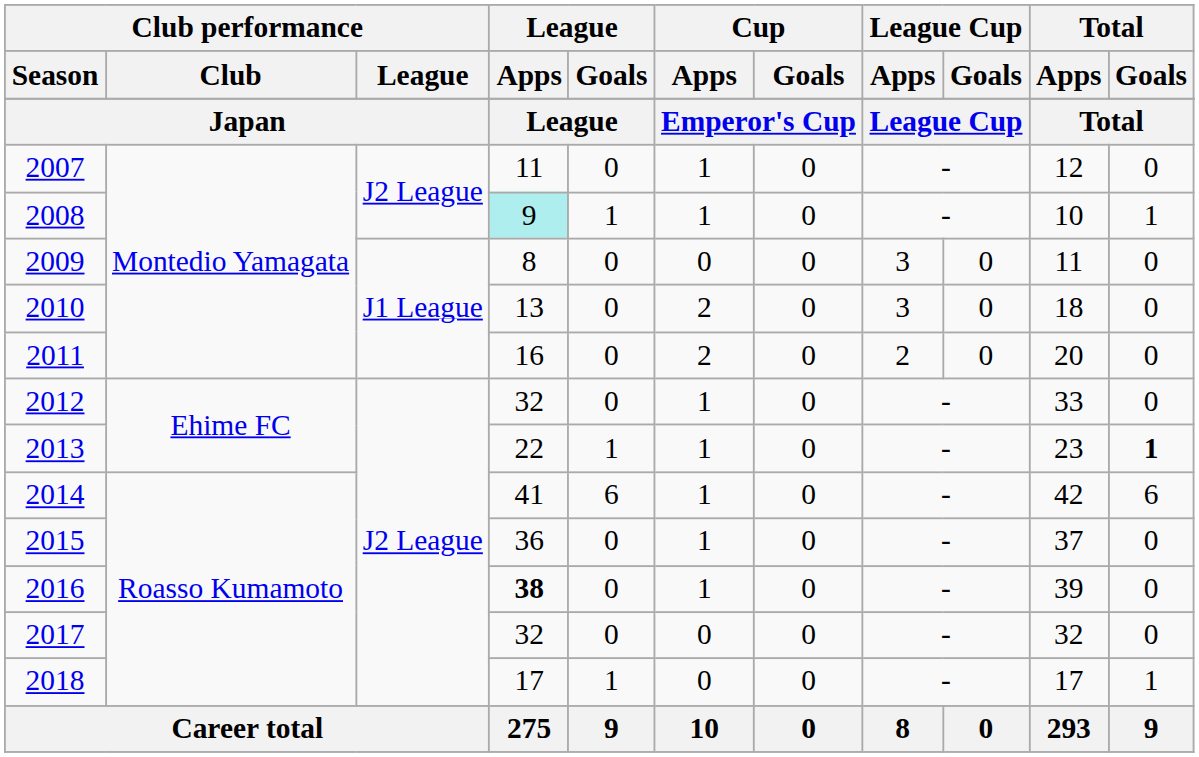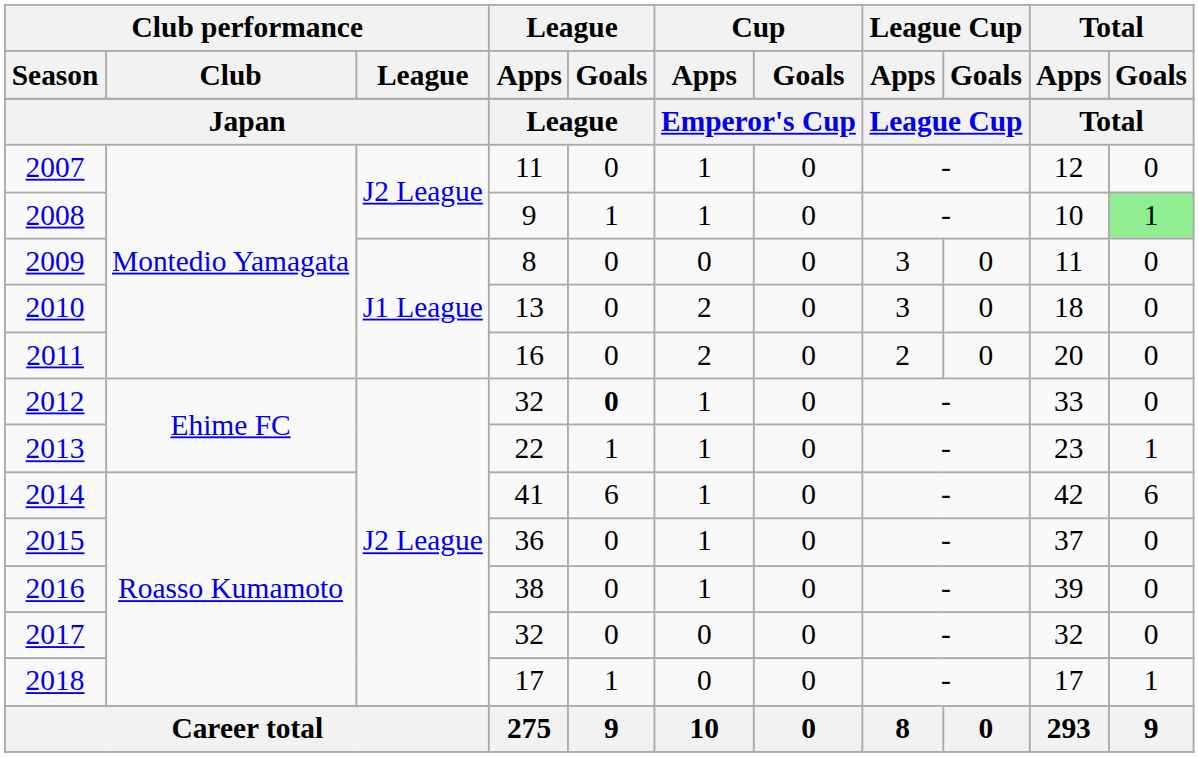 <table class="wikitable" style="text-align:center">
 <tr>
 <th colspan=3>Club performance</th>
 <th colspan=2>League</th>
 <th colspan=2>Cup</th>
 <th colspan=2>League Cup</th>
 <th colspan=2>Total</th>
 </tr>
 <tr>
 <th>Season</th>
 <th>Club</th>
 <th>League</th>
 <th>Apps</th>
 <th>Goals</th>
 <th>Apps</th>
 <th>Goals</th>
 <th>Apps</th>
 <th>Goals</th>
 <th>Apps</th>
 <th>Goals</th>
 </tr>
 <tr>
 </tr>
 <tr>
 <th colspan=3>Japan</th>
 <th colspan=2>League</th>
 <th colspan=2><a href='#'>Emperor's Cup</a></th>
 <th colspan=2><a href='#'>League Cup</a></th>
 <th colspan=2>Total</th>
 </tr>
 <tr>
 <td><a href='#'>2007</a></td>
 <td rowspan="5"><a href='#'>Montedio Yamagata</a></td>
 <td rowspan="2"><a href='#'>J2 League</a></td>
 <td>11</td>
 <td>0</td>
 <td>1</td>
 <td>0</td>
 <td colspan="2">-</td>
 <td>12</td>
 <td>0</td>
 </tr>
 <tr>
 <td><a href='#'>2008</a></td>
-<td style="background: paleturquoise;">9</td>
+<td>9</td>
 <td>1</td>
 <td>1</td>
 <td>0</td>
 <td colspan="2">-</td>
 <td>10</td>
-<td>1</td>
+<td style="background: lightgreen;">1</td>
 </tr>
 <tr>
 <td><a href='#'>2009</a></td>
 <td rowspan="3"><a href='#'>J1 League</a></td>
 <td>8</td>
 <td>0</td>
 <td>0</td>
 <td>0</td>
 <td>3</td>
 <td>0</td>
 <td>11</td>
 <td>0</td>
 </tr>
 <tr>
 <td><a href='#'>2010</a></td>
 <td>13</td>
 <td>0</td>
 <td>2</td>
 <td>0</td>
 <td>3</td>
 <td>0</td>
 <td>18</td>
 <td>0</td>
 </tr>
 <tr>
 <td><a href='#'>2011</a></td>
 <td>16</td>
 <td>0</td>
 <td>2</td>
 <td>0</td>
 <td>2</td>
 <td>0</td>
 <td>20</td>
 <td>0</td>
 </tr>
 <tr>
 <td><a href='#'>2012</a></td>
 <td rowspan="2"><a href='#'>Ehime FC</a></td>
 <td rowspan="7"><a href='#'>J2 League</a></td>
 <td>32</td>
-<td>0</td>
+<td><strong>0</strong></td>
 <td>1</td>
 <td>0</td>
 <td colspan="2">-</td>
 <td>33</td>
 <td>0</td>
 </tr>
 <tr>
 <td><a href='#'>2013</a></td>
 <td>22</td>
 <td>1</td>
 <td>1</td>
 <td>0</td>
 <td colspan="2">-</td>
 <td>23</td>
-<td><strong>1</strong></td>
+<td>1</td>
 </tr>
 <tr>
 <td><a href='#'>2014</a></td>
 <td rowspan="5"><a href='#'>Roasso Kumamoto</a></td>
 <td>41</td>
 <td>6</td>
 <td>1</td>
 <td>0</td>
 <td colspan="2">-</td>
 <td>42</td>
 <td>6</td>
 </tr>
 <tr>
 <td><a href='#'>2015</a></td>
 <td>36</td>
 <td>0</td>
 <td>1</td>
 <td>0</td>
 <td colspan="2">-</td>
 <td>37</td>
 <td>0</td>
 </tr>
 <tr>
 <td><a href='#'>2016</a></td>
-<td><strong>38</strong></td>
+<td>38</td>
 <td>0</td>
 <td>1</td>
 <td>0</td>
 <td colspan="2">-</td>
 <td>39</td>
 <td>0</td>
 </tr>
 <tr>
 <td><a href='#'>2017</a></td>
 <td>32</td>
 <td>0</td>
 <td>0</td>
 <td>0</td>
 <td colspan="2">-</td>
 <td>32</td>
 <td>0</td>
 </tr>
 <tr>
 <td><a href='#'>2018</a></td>
 <td>17</td>
 <td>1</td>
 <td>0</td>
 <td>0</td>
 <td colspan="2">-</td>
 <td>17</td>
 <td>1</td>
 </tr>
 <tr>
 <th colspan=3>Career total</th>
 <th>275</th>
 <th>9</th>
 <th>10</th>
 <th>0</th>
 <th>8</th>
 <th>0</th>
 <th>293</th>
 <th>9</th>
 </tr>
 </table>
